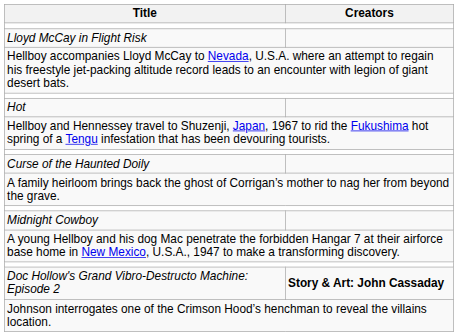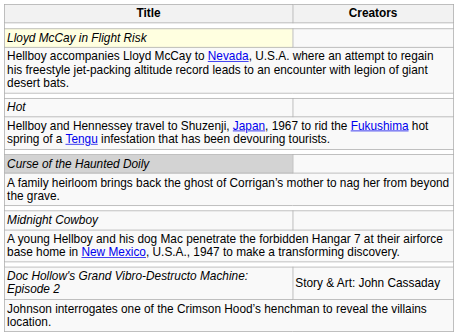 <table class="wikitable">
 <tr>
 <th>Title</th>
 <th>Creators</th>
 </tr>
 <tr>
 <td colspan="6" bgcolor="#FFFFFF"></td>
 </tr>
 <tr>
-<td><em>Lloyd McCay in Flight Risk</em></td>
+<td style="background: lightyellow;"><em>Lloyd McCay in Flight Risk</em></td>
 <td></td>
 </tr>
 <tr>
 <td colspan="6">Hellboy accompanies Lloyd McCay to <a href='#'>Nevada</a>, U.S.A. where an attempt to regain his freestyle jet-packing altitude record leads to an encounter with legion of giant desert bats.</td>
 </tr>
 <tr>
 <td colspan="6" bgcolor="#FFFFFF"></td>
 </tr>
 <tr>
 <td><em>Hot</em></td>
 <td></td>
 </tr>
 <tr>
 <td colspan="6">Hellboy and Hennessey travel to Shuzenji, <a href='#'>Japan</a>, 1967 to rid the <a href='#'>Fukushima</a> hot spring of a <a href='#'>Tengu</a> infestation that has been devouring tourists.</td>
 </tr>
 <tr>
 <td colspan="6" bgcolor="#FFFFFF"></td>
 </tr>
 <tr>
-<td><em>Curse of the Haunted Doily</em></td>
+<td style="background: lightgrey;"><em>Curse of the Haunted Doily</em></td>
 <td></td>
 </tr>
 <tr>
 <td colspan="6">A family heirloom brings back the ghost of Corrigan’s mother to nag her from beyond the grave.</td>
 </tr>
 <tr>
 <td colspan="6" bgcolor="#FFFFFF"></td>
 </tr>
 <tr>
 <td><em>Midnight Cowboy</em></td>
 <td></td>
 </tr>
 <tr>
 <td colspan="6">A young Hellboy and his dog Mac penetrate the forbidden Hangar 7 at their airforce base home in <a href='#'>New Mexico</a>, U.S.A., 1947 to make a transforming discovery.</td>
 </tr>
 <tr>
 <td colspan="6" bgcolor="#FFFFFF"></td>
 </tr>
 <tr>
 <td><em>Doc Hollow's Grand Vibro-Destructo Machine: Episode 2</em></td>
-<td><strong>Story & Art: John Cassaday</strong></td>
+<td>Story & Art: John Cassaday</td>
 </tr>
 <tr>
 <td colspan="6">Johnson interrogates one of the Crimson Hood’s henchman to reveal the villains location.</td>
 </tr>
 </table>
